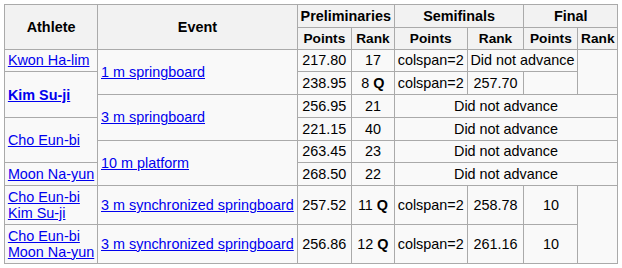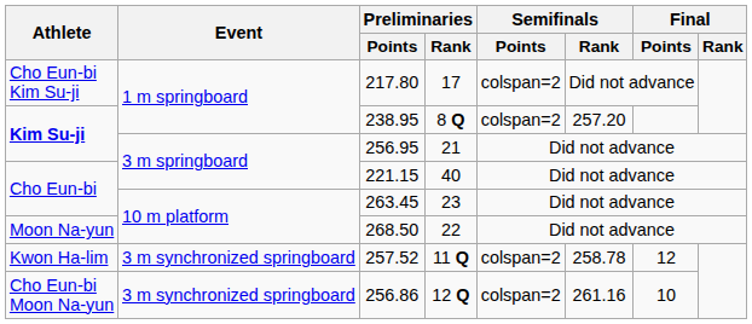 <table class="wikitable" style="text-align:center; font-size:90%">
 <tr>
 <th rowspan=2>Athlete</th>
 <th rowspan=2>Event</th>
 <th colspan=2>Preliminaries</th>
 <th colspan=2>Semifinals</th>
 <th colspan=2>Final</th>
 </tr>
 <tr style="font-size:95%">
 <th>Points</th>
 <th>Rank</th>
 <th>Points</th>
 <th>Rank</th>
 <th>Points</th>
 <th>Rank</th>
 </tr>
 <tr>
-<td align=left><a href='#'>Kwon Ha-lim</a></td>
+<td align=left><a href='#'>Cho Eun-bi</a><br><a href='#'>Kim Su-ji</a></td>
 <td align=left rowspan=2><a href='#'>1 m springboard</a></td>
 <td>217.80</td>
 <td>17</td>
 <td>colspan=2 </td>
 <td colspan=2>Did not advance</td>
 </tr>
 <tr>
 <td align=left rowspan=2><strong><a href='#'>Kim Su-ji</a></strong></td>
 <td>238.95</td>
 <td>8 <strong>Q</strong></td>
 <td>colspan=2 </td>
-<td>257.70</td>
+<td>257.20</td>
 <td></td>
 </tr>
 <tr>
 <td align=left rowspan=2><a href='#'>3 m springboard</a></td>
 <td>256.95</td>
 <td>21</td>
 <td colspan=4>Did not advance</td>
 </tr>
 <tr>
 <td align=left rowspan=2><a href='#'>Cho Eun-bi</a></td>
 <td>221.15</td>
 <td>40</td>
 <td colspan=4>Did not advance</td>
 </tr>
 <tr>
 <td align=left rowspan=2><a href='#'>10 m platform</a></td>
 <td>263.45</td>
 <td>23</td>
 <td colspan=4>Did not advance</td>
 </tr>
 <tr>
 <td align=left><a href='#'>Moon Na-yun</a></td>
 <td>268.50</td>
 <td>22</td>
 <td colspan=4>Did not advance</td>
 </tr>
 <tr>
-<td align=left><a href='#'>Cho Eun-bi</a><br><a href='#'>Kim Su-ji</a></td>
+<td align=left><a href='#'>Kwon Ha-lim</a></td>
 <td align=left><a href='#'>3 m synchronized springboard</a></td>
 <td>257.52</td>
 <td>11 <strong>Q</strong></td>
 <td>colspan=2 </td>
 <td>258.78</td>
-<td>10</td>
+<td>12</td>
 </tr>
 <tr>
 <td align=left><a href='#'>Cho Eun-bi</a><br><a href='#'>Moon Na-yun</a></td>
 <td align=left><a href='#'>3 m synchronized springboard</a></td>
 <td>256.86</td>
 <td>12 <strong>Q</strong></td>
 <td>colspan=2 </td>
 <td>261.16</td>
 <td>10</td>
 </tr>
 </table>
